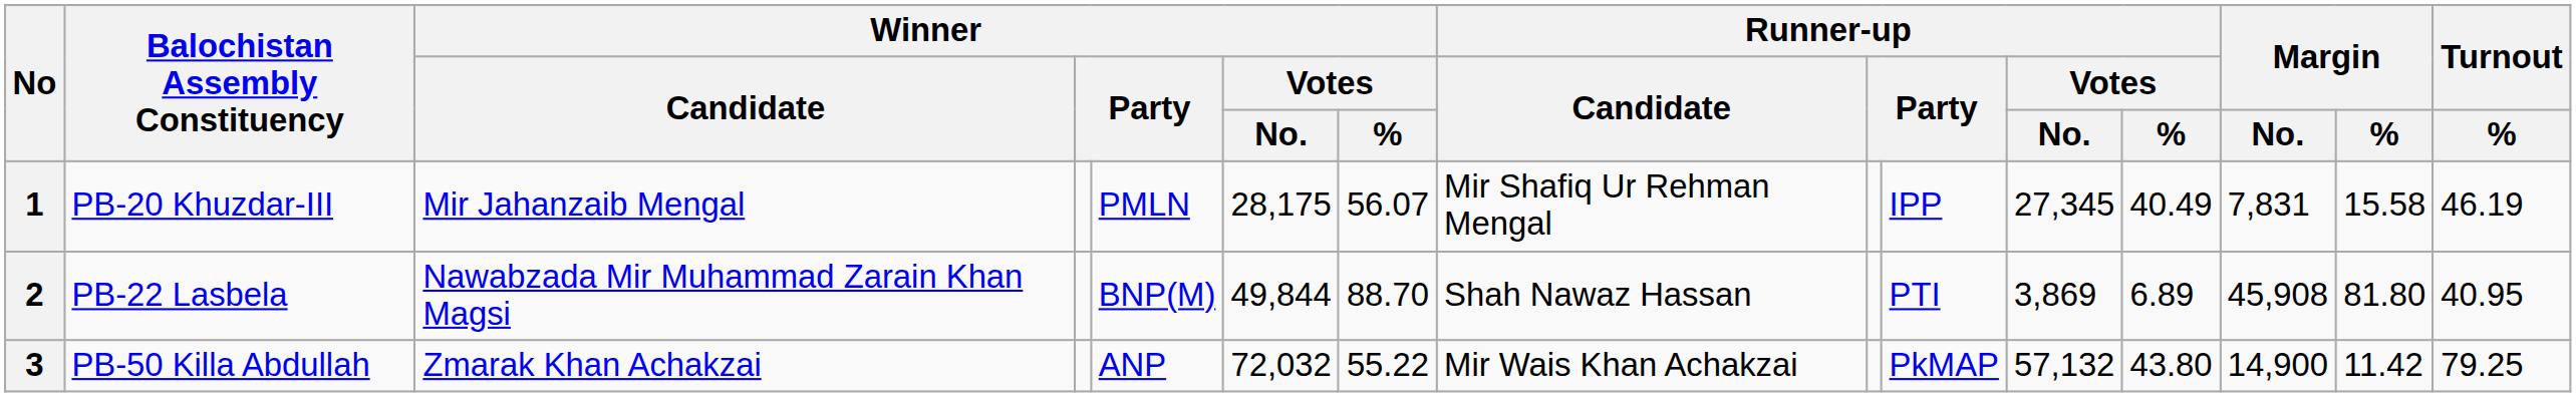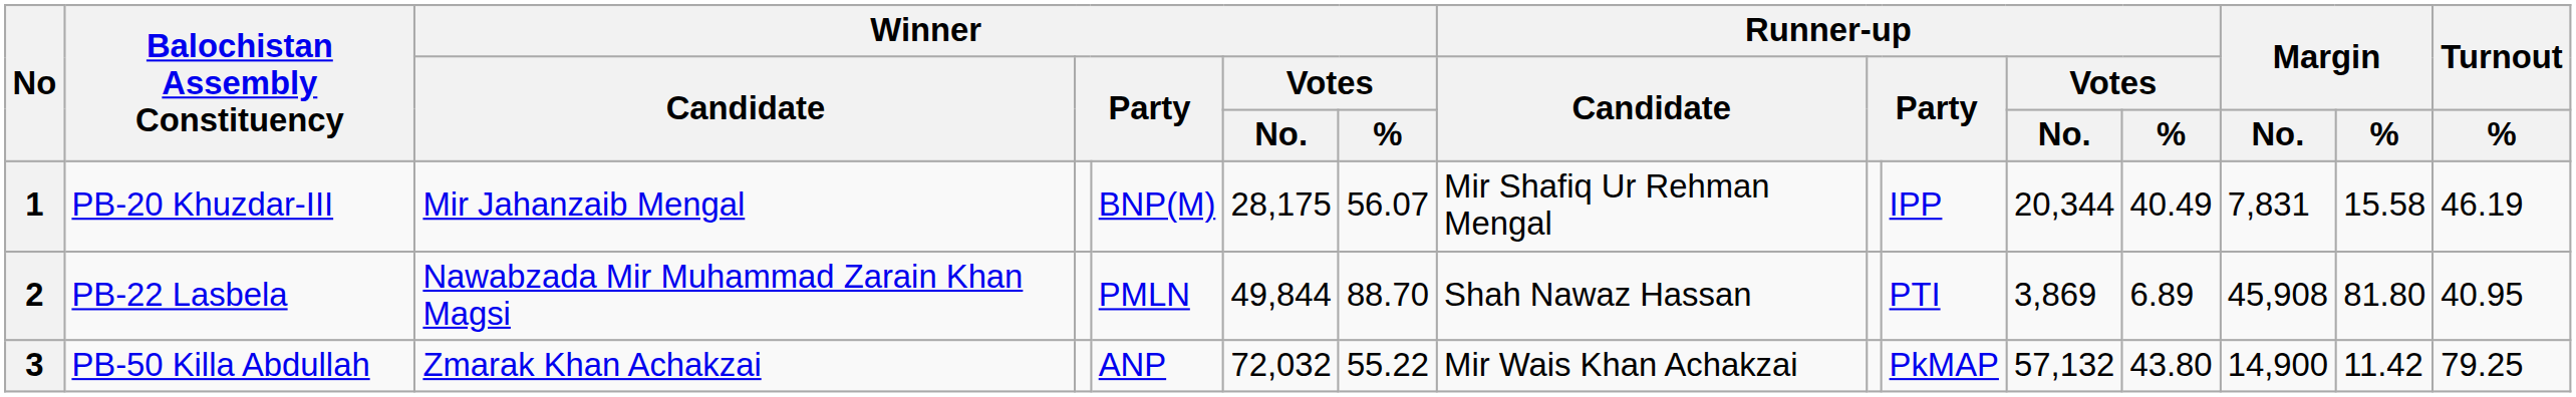 <table class="wikitable sortable">
 <tr>
 <th rowspan="3">No</th>
 <th rowspan="3"><a href='#'>Balochistan Assembly</a><br>Constituency</th>
 <th colspan="5">Winner</th>
 <th colspan="5">Runner-up</th>
 <th colspan="2" rowspan="2">Margin</th>
 <th rowspan="2">Turnout</th>
 </tr>
 <tr>
 <th rowspan="2">Candidate</th>
 <th colspan="2" rowspan="2">Party</th>
 <th colspan="2">Votes</th>
 <th rowspan="2">Candidate</th>
 <th colspan="2" rowspan="2">Party</th>
 <th colspan="2">Votes</th>
 </tr>
 <tr>
 <th>No.</th>
 <th>%</th>
 <th>No.</th>
 <th>%</th>
 <th>No.</th>
 <th>%</th>
 <th>%</th>
 </tr>
 <tr>
 <th>1</th>
 <td><a href='#'>PB-20 Khuzdar-III</a></td>
 <td><a href='#'>Mir Jahanzaib Mengal</a></td>
 <td></td>
-<td><a href='#'>PMLN</a></td>
+<td><a href='#'>BNP(M)</a></td>
 <td>28,175</td>
 <td>56.07</td>
 <td>Mir Shafiq Ur Rehman Mengal</td>
 <td></td>
 <td><a href='#'>IPP</a></td>
-<td>27,345</td>
+<td>20,344</td>
 <td>40.49</td>
 <td>7,831</td>
 <td>15.58</td>
 <td>46.19</td>
 </tr>
 <tr>
 <th>2</th>
 <td><a href='#'>PB-22 Lasbela</a></td>
 <td><a href='#'>Nawabzada Mir Muhammad Zarain Khan Magsi</a></td>
 <td></td>
-<td><a href='#'>BNP(M)</a></td>
+<td><a href='#'>PMLN</a></td>
 <td>49,844</td>
 <td>88.70</td>
 <td>Shah Nawaz Hassan</td>
 <td></td>
 <td><a href='#'>PTI</a></td>
 <td>3,869</td>
 <td>6.89</td>
 <td>45,908</td>
 <td>81.80</td>
 <td>40.95</td>
 </tr>
 <tr>
 <th>3</th>
 <td><a href='#'>PB-50 Killa Abdullah</a></td>
 <td><a href='#'>Zmarak Khan Achakzai</a></td>
 <td></td>
 <td><a href='#'>ANP</a></td>
 <td>72,032</td>
 <td>55.22</td>
 <td>Mir Wais Khan Achakzai</td>
 <td></td>
 <td><a href='#'>PkMAP</a></td>
 <td>57,132</td>
 <td>43.80</td>
 <td>14,900</td>
 <td>11.42</td>
 <td>79.25</td>
 </tr>
 </table>
